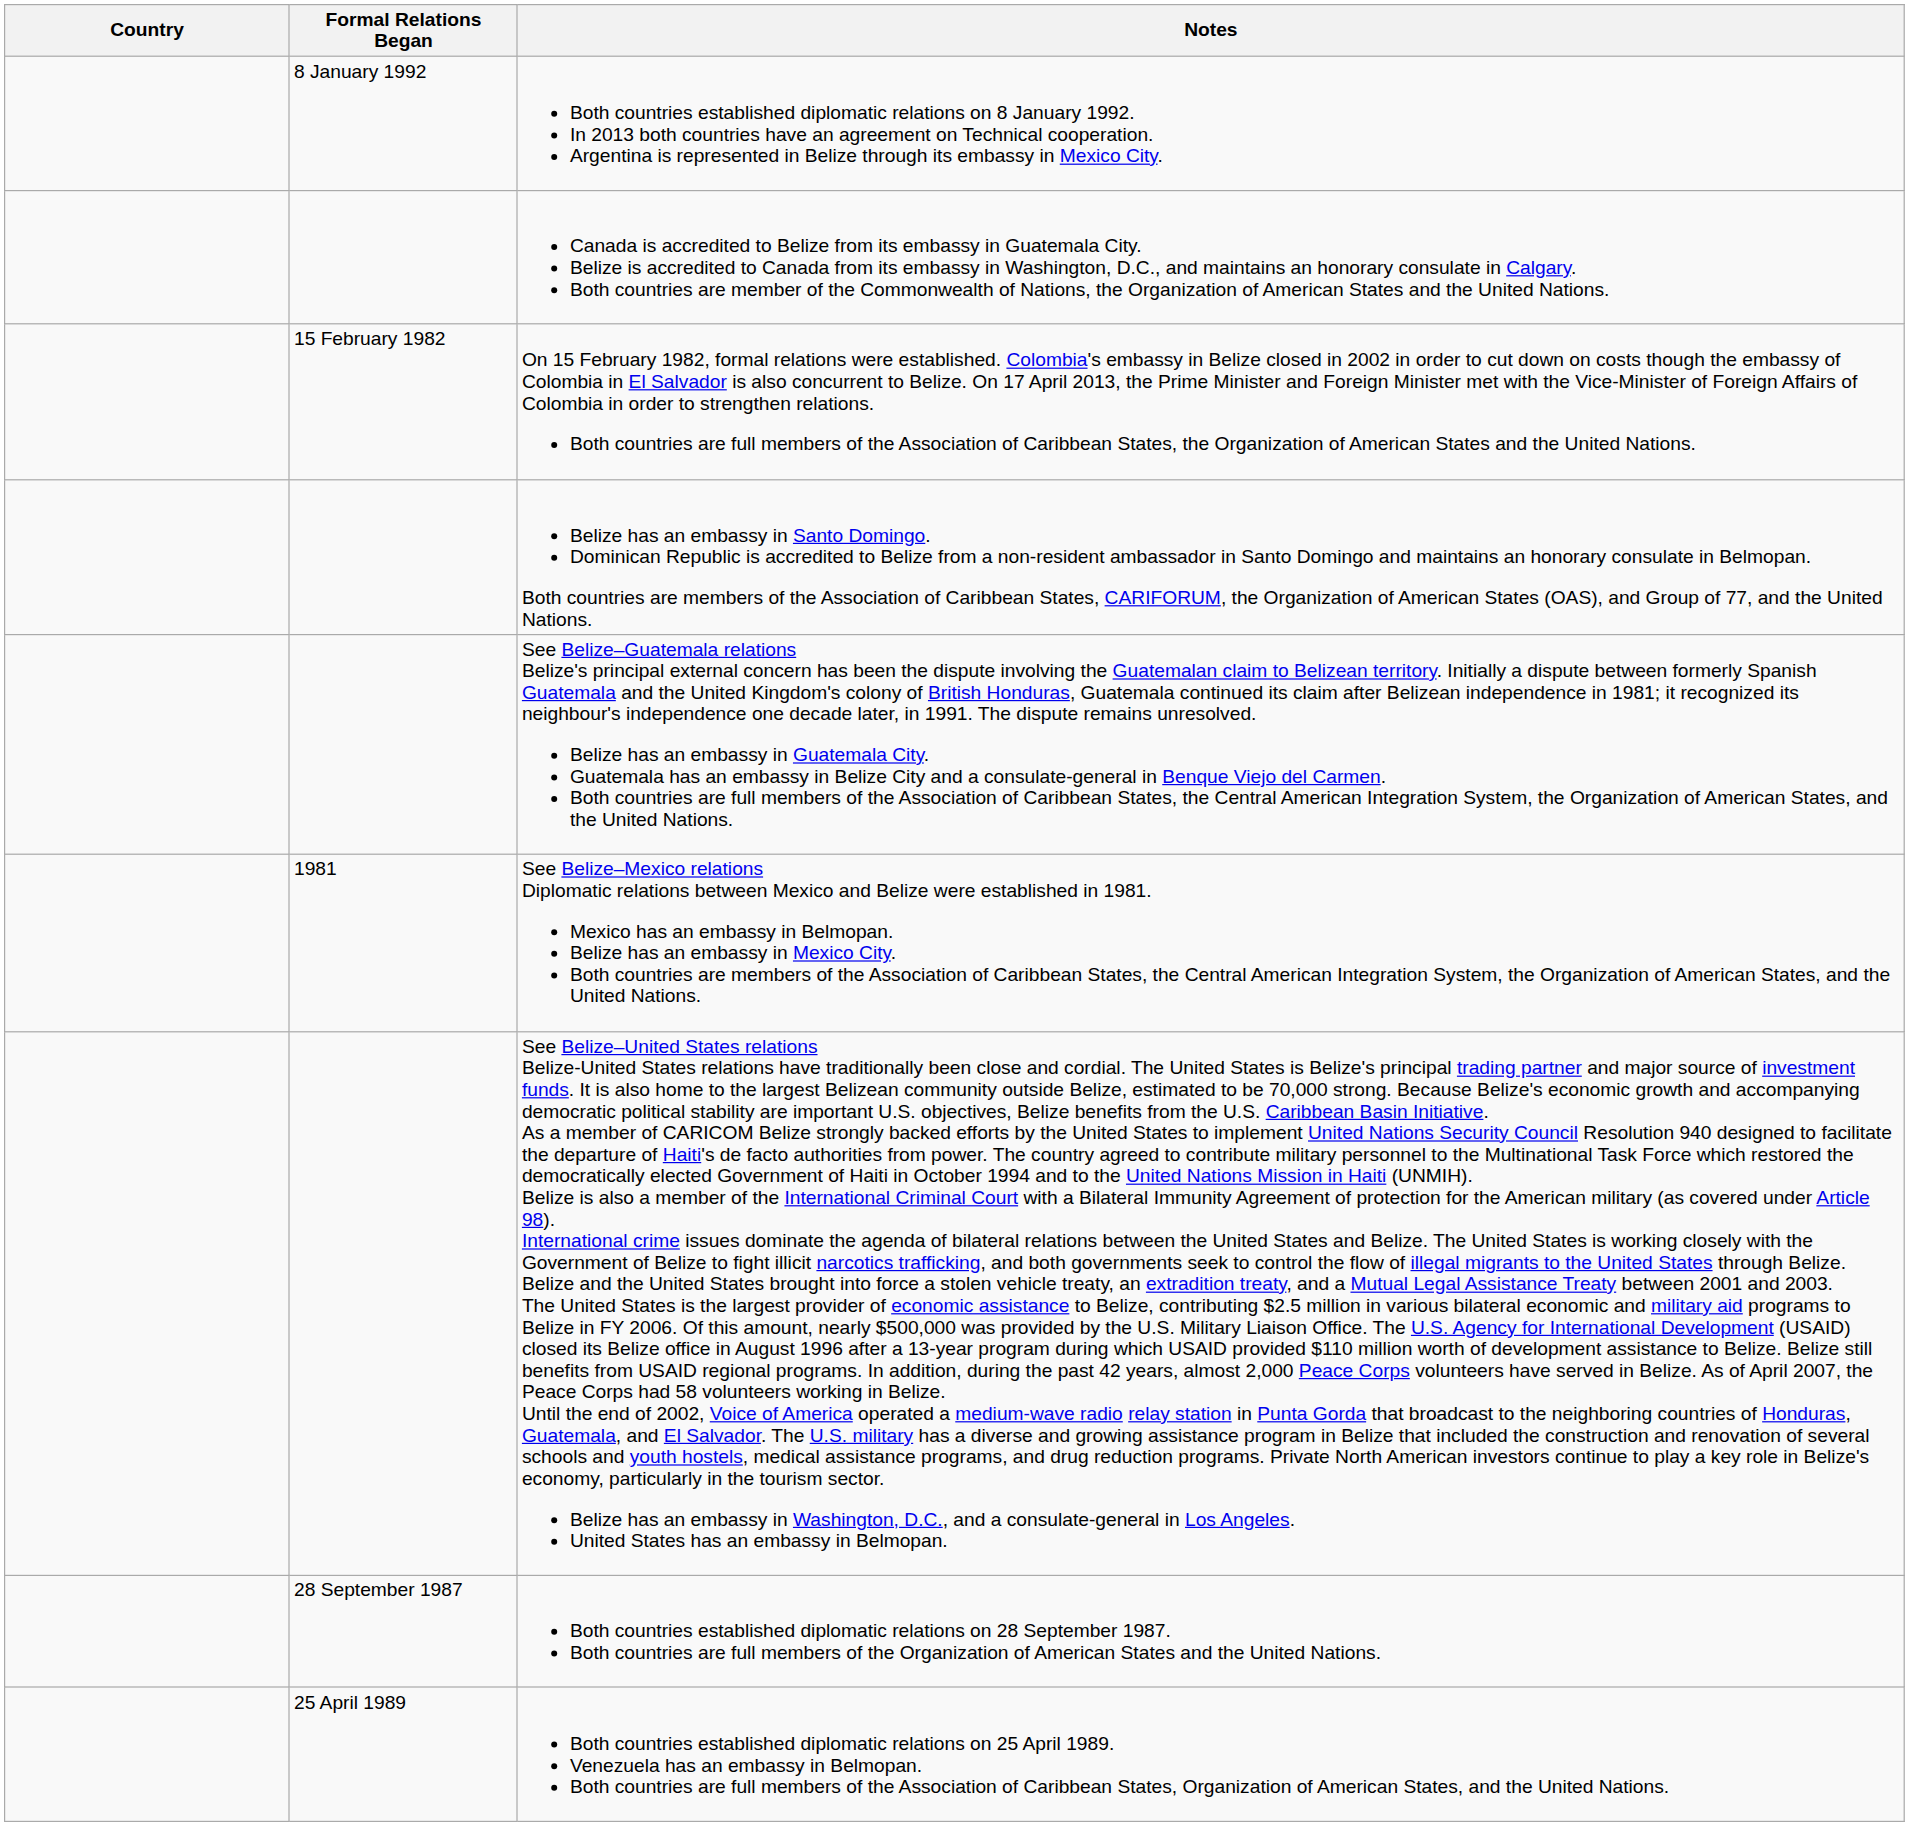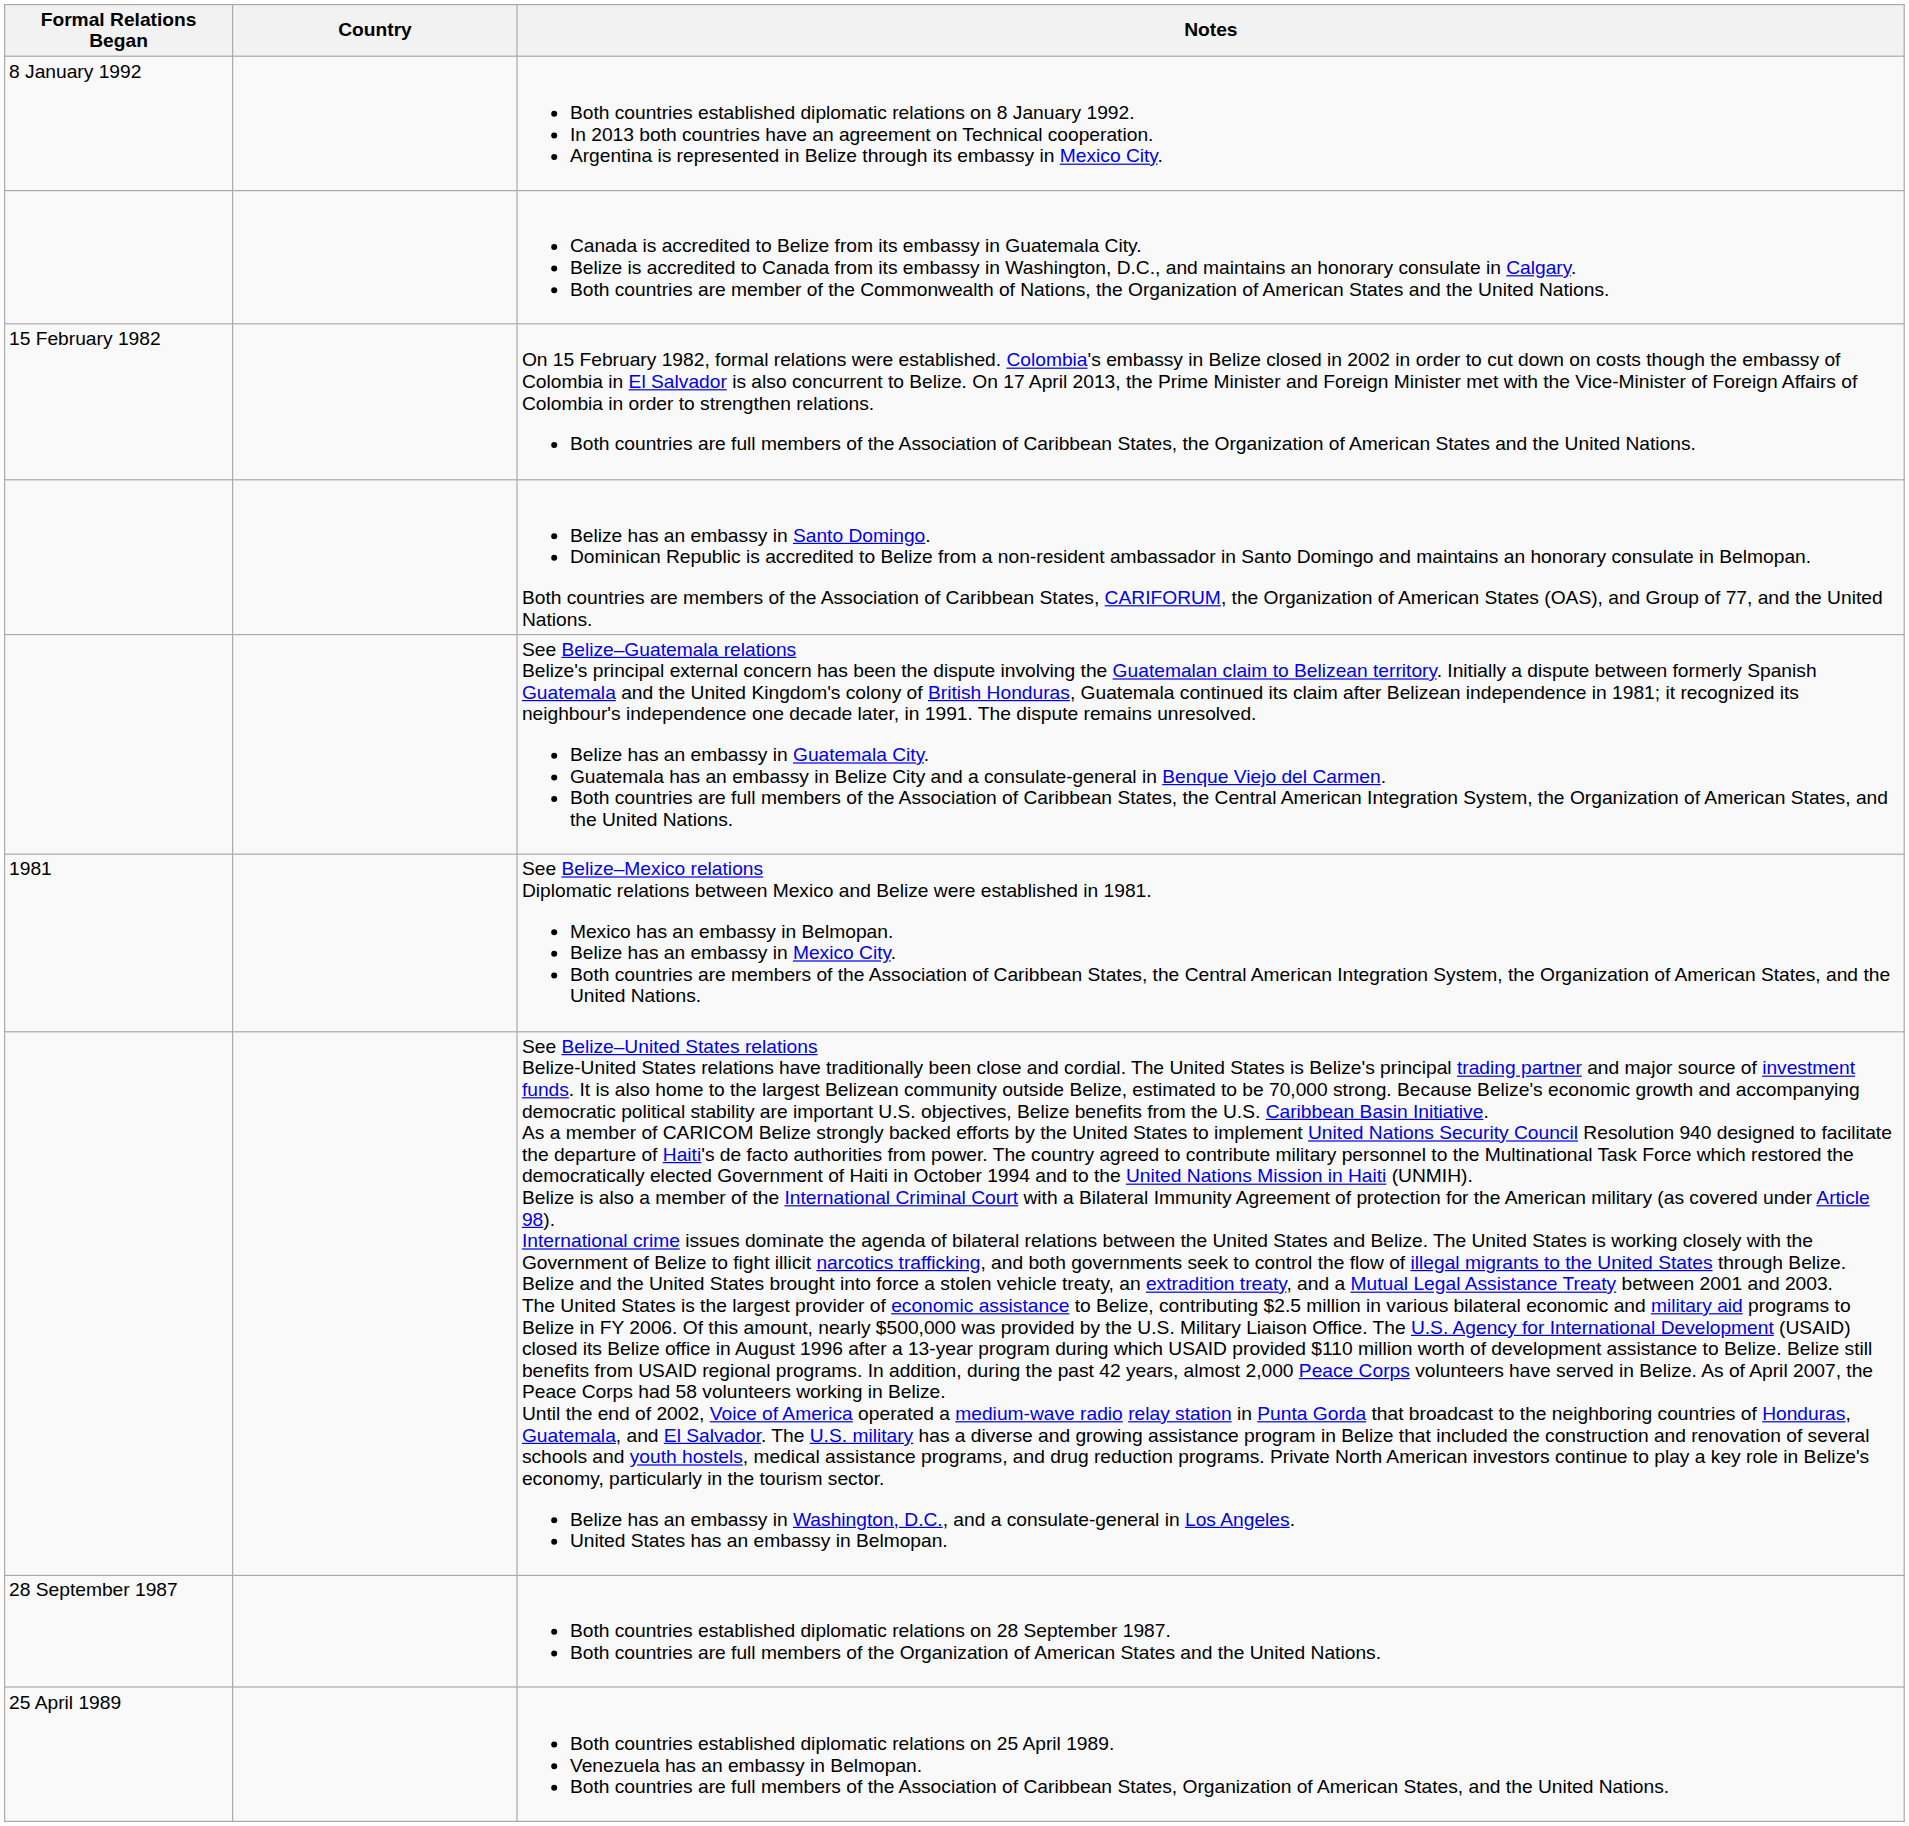 <table class="wikitable sortable" style="width:100%; margin:auto;">
 <tr>
+<th style="width:12%;">Formal Relations Began</th>
 <th style="width:15%;">Country</th>
-<th style="width:12%;">Formal Relations Began</th>
 <th>Notes</th>
 </tr>
 <tr valign="top">
+<td>8 January 1992</td>
 <td></td>
-<td>8 January 1992</td>
 <td><br><ul><li>Both countries established diplomatic relations on 8 January 1992.</li><li>In 2013 both countries have an agreement on Technical cooperation.</li><li>Argentina is represented in Belize through its embassy in <a href='#'>Mexico City</a>.</li></ul></td>
 </tr>
 <tr valign="top">
 <td></td>
 <td></td>
 <td><br><ul><li>Canada is accredited to Belize from its embassy in Guatemala City.</li><li>Belize is accredited to Canada from its embassy in Washington, D.C., and maintains an honorary consulate in <a href='#'>Calgary</a>.</li><li>Both countries are member of the Commonwealth of Nations, the Organization of American States and the United Nations.</li></ul></td>
 </tr>
 <tr valign="top">
+<td>15 February 1982</td>
 <td></td>
-<td>15 February 1982</td>
 <td><br>On 15 February 1982, formal relations were established. <a href='#'>Colombia</a>'s embassy in Belize closed in 2002 in order to cut down on costs though the embassy of Colombia in <a href='#'>El Salvador</a> is also concurrent to Belize. On 17 April 2013, the Prime Minister and Foreign Minister met with the Vice-Minister of Foreign Affairs of Colombia in order to strengthen relations.<ul><li>Both countries are full members of the Association of Caribbean States, the Organization of American States and the United Nations.</li></ul></td>
 </tr>
 <tr valign="top">
 <td></td>
 <td></td>
 <td><br><ul><li>Belize has an embassy in <a href='#'>Santo Domingo</a>.</li><li>Dominican Republic is accredited to Belize from a non-resident ambassador in Santo Domingo and maintains an honorary consulate in Belmopan.</li></ul>Both countries are members of the Association of Caribbean States, <a href='#'>CARIFORUM</a>, the Organization of American States (OAS), and Group of 77, and the United Nations.</td>
 </tr>
 <tr valign="top">
 <td></td>
 <td></td>
 <td>See <a href='#'>Belize–Guatemala relations</a><br>Belize's principal external concern has been the dispute involving the <a href='#'>Guatemalan claim to Belizean territory</a>. Initially a dispute between formerly Spanish <a href='#'>Guatemala</a> and the United Kingdom's colony of <a href='#'>British Honduras</a>, Guatemala continued its claim after Belizean independence in 1981; it recognized its neighbour's independence one decade later, in 1991. The dispute remains unresolved.<ul><li>Belize has an embassy in <a href='#'>Guatemala City</a>.</li><li>Guatemala has an embassy in Belize City and a consulate-general in <a href='#'>Benque Viejo del Carmen</a>.</li><li>Both countries are full members of the Association of Caribbean States, the Central American Integration System, the Organization of American States, and the United Nations.</li></ul></td>
 </tr>
 <tr valign="top">
+<td>1981</td>
 <td></td>
-<td>1981</td>
 <td>See <a href='#'>Belize–Mexico relations</a><br>Diplomatic relations between Mexico and Belize were established in 1981.<ul><li>Mexico has an embassy in Belmopan.</li><li>Belize has an embassy in <a href='#'>Mexico City</a>.</li><li>Both countries are members of the Association of Caribbean States, the Central American Integration System, the Organization of American States, and the United Nations.</li></ul></td>
 </tr>
 <tr valign="top">
 <td></td>
 <td></td>
 <td>See <a href='#'>Belize–United States relations</a><br>Belize-United States relations have traditionally been close and cordial. The United States is Belize's principal <a href='#'>trading partner</a> and major source of <a href='#'>investment funds</a>.  It is also home to the largest Belizean community outside Belize, estimated to be 70,000 strong.  Because Belize's economic growth and accompanying democratic political stability are important U.S. objectives, Belize benefits from the U.S. <a href='#'>Caribbean Basin Initiative</a>.<br>As a member of CARICOM Belize strongly backed efforts by the United States to implement <a href='#'>United Nations Security Council</a> Resolution 940 designed to facilitate the departure of <a href='#'>Haiti</a>'s de facto authorities from power. The country agreed to contribute military personnel to the Multinational Task Force which restored the democratically elected Government of Haiti in October 1994 and to the <a href='#'>United Nations Mission in Haiti</a> (UNMIH).<br>Belize is also a member of the <a href='#'>International Criminal Court</a> with a Bilateral Immunity Agreement of protection for the American military (as covered under <a href='#'>Article 98</a>).<br><a href='#'>International crime</a> issues dominate the agenda of bilateral relations between the United States and Belize.  The United States is working closely with the Government of Belize to fight illicit <a href='#'>narcotics trafficking</a>, and both governments seek to control the flow of <a href='#'>illegal migrants to the United States</a> through Belize. Belize and the United States brought into force a stolen vehicle treaty, an <a href='#'>extradition treaty</a>, and a <a href='#'>Mutual Legal Assistance Treaty</a> between 2001 and 2003.<br>The United States is the largest provider of <a href='#'>economic assistance</a> to Belize, contributing $2.5 million in various bilateral economic and <a href='#'>military aid</a> programs to Belize in FY 2006. Of this amount, nearly $500,000 was provided by the U.S. Military Liaison Office. The <a href='#'>U.S. Agency for International Development</a> (USAID) closed its Belize office in August 1996 after a 13-year program during which USAID provided $110 million worth of development assistance to Belize. Belize still benefits from USAID regional programs. In addition, during the past 42 years, almost 2,000 <a href='#'>Peace Corps</a> volunteers have served in Belize. As of April 2007, the Peace Corps had 58 volunteers working in Belize.<br>Until the end of 2002, <a href='#'>Voice of America</a> operated a <a href='#'>medium-wave radio</a> <a href='#'>relay station</a> in <a href='#'>Punta Gorda</a> that broadcast to the neighboring countries of <a href='#'>Honduras</a>, <a href='#'>Guatemala</a>, and <a href='#'>El Salvador</a>.  The <a href='#'>U.S. military</a> has a diverse and growing assistance program in Belize that included the construction and renovation of several schools and <a href='#'>youth hostels</a>, medical assistance programs, and drug reduction programs. Private North American investors continue to play a key role in Belize's economy, particularly in the tourism sector.<ul><li>Belize has an embassy in <a href='#'>Washington, D.C.</a>, and a consulate-general in <a href='#'>Los Angeles</a>.</li><li>United States has an embassy in Belmopan.</li></ul></td>
 </tr>
 <tr valign="top">
+<td>28 September 1987</td>
 <td></td>
-<td>28 September 1987</td>
 <td><br><ul><li>Both countries established diplomatic relations on 28 September 1987.</li><li>Both countries are full members of the Organization of American States and the United Nations.</li></ul></td>
 </tr>
 <tr valign="top">
+<td>25 April 1989</td>
 <td></td>
-<td>25 April 1989</td>
 <td><br><ul><li>Both countries established diplomatic relations on 25 April 1989.</li><li>Venezuela has an embassy in Belmopan.</li><li>Both countries are full members of the Association of Caribbean States, Organization of American States, and the United Nations.</li></ul></td>
 </tr>
 </table>
